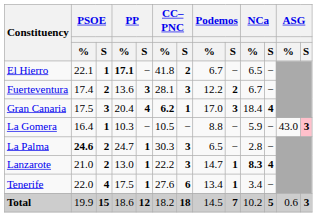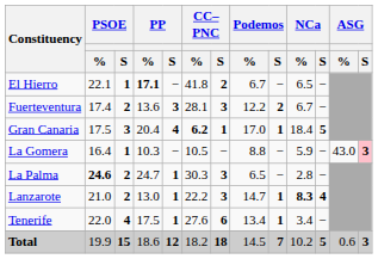 <table class="wikitable sortable" style="text-align:right; line-height:20px;">
 <tr>
 <th rowspan="3">Constituency</th>
 <th colspan="2" width="30px" class="unsortable"><a href='#'>PSOE</a></th>
 <th colspan="2" width="30px" class="unsortable"><a href='#'>PP</a></th>
 <th colspan="2" width="30px" class="unsortable"><a href='#'>CC–PNC</a></th>
 <th colspan="2" width="30px" class="unsortable"><a href='#'>Podemos</a></th>
 <th colspan="2" width="30px" class="unsortable"><a href='#'>NCa</a></th>
 <th colspan="2" width="30px" class="unsortable"><a href='#'>ASG</a></th>
 </tr>
 <tr>
 <th colspan="2" style="background:"></th>
 <th colspan="2" style="background:"></th>
 <th colspan="2" style="background:"></th>
 <th colspan="2" style="background:"></th>
 <th colspan="2" style="background:"></th>
 <th colspan="2" style="background:"></th>
 </tr>
 <tr>
 <th data-sort-type="number">%</th>
 <th data-sort-type="number">S</th>
 <th data-sort-type="number">%</th>
 <th data-sort-type="number">S</th>
 <th data-sort-type="number">%</th>
 <th data-sort-type="number">S</th>
 <th data-sort-type="number">%</th>
 <th data-sort-type="number">S</th>
 <th data-sort-type="number">%</th>
 <th data-sort-type="number">S</th>
 <th data-sort-type="number">%</th>
 <th data-sort-type="number">S</th>
 </tr>
 <tr>
 <td align="left"><a href='#'>El Hierro</a></td>
 <td>22.1</td>
 <td><strong>1</strong></td>
 <td><strong>17.1</strong></td>
 <td>−</td>
 <td style="background:">41.8</td>
 <td><strong>2</strong></td>
 <td>6.7</td>
 <td>−</td>
 <td>6.5</td>
 <td>−</td>
 <td colspan="2" rowspan="3" bgcolor="#AAAAAA"></td>
 </tr>
 <tr>
 <td align="left"><a href='#'>Fuerteventura</a></td>
 <td>17.4</td>
 <td><strong>2</strong></td>
 <td>13.6</td>
 <td><strong>3</strong></td>
 <td style="background:">28.1</td>
 <td><strong>3</strong></td>
 <td>12.2</td>
 <td><strong>2</strong></td>
 <td>6.7</td>
 <td>−</td>
 </tr>
 <tr>
 <td align="left"><a href='#'>Gran Canaria</a></td>
 <td>17.5</td>
 <td><strong>3</strong></td>
 <td style="background:">20.4</td>
 <td><strong>4</strong></td>
 <td><strong>6.2</strong></td>
 <td><strong>1</strong></td>
 <td>17.0</td>
-<td><strong>3</strong></td>
+<td><strong>1</strong></td>
 <td>18.4</td>
-<td><strong>4</strong></td>
+<td><strong>5</strong></td>
 </tr>
 <tr>
 <td align="left"><a href='#'>La Gomera</a></td>
 <td>16.4</td>
 <td><strong>1</strong></td>
 <td>10.3</td>
 <td>−</td>
 <td>10.5</td>
 <td>−</td>
 <td>8.8</td>
 <td>−</td>
 <td>5.9</td>
 <td>−</td>
 <td style="background:">43.0</td>
 <td style="background: pink;"><strong>3</strong></td>
 </tr>
 <tr>
 <td align="left"><a href='#'>La Palma</a></td>
 <td><strong>24.6</strong></td>
 <td><strong>2</strong></td>
 <td>24.7</td>
 <td><strong>1</strong></td>
 <td style="background:">30.3</td>
 <td><strong>3</strong></td>
 <td>6.5</td>
 <td>−</td>
 <td>2.8</td>
 <td>−</td>
 <td colspan="2" rowspan="3" bgcolor="#AAAAAA"></td>
 </tr>
 <tr>
 <td align="left"><a href='#'>Lanzarote</a></td>
 <td>21.0</td>
 <td><strong>2</strong></td>
 <td>13.0</td>
 <td><strong>1</strong></td>
 <td style="background:">22.2</td>
 <td><strong>3</strong></td>
 <td>14.7</td>
 <td><strong>1</strong></td>
 <td><strong>8.3</strong></td>
 <td><strong>4</strong></td>
 </tr>
 <tr>
 <td align="left"><a href='#'>Tenerife</a></td>
 <td>22.0</td>
 <td><strong>4</strong></td>
 <td>17.5</td>
 <td><strong>1</strong></td>
 <td style="background:">27.6</td>
 <td><strong>6</strong></td>
 <td>13.4</td>
 <td><strong>1</strong></td>
 <td>3.4</td>
 <td>−</td>
 </tr>
 <tr style="background:#CDCDCD;">
 <td align="left"><strong>Total</strong></td>
 <td style="background:">19.9</td>
 <td><strong>15</strong></td>
 <td>18.6</td>
 <td><strong>12</strong></td>
 <td>18.2</td>
 <td><strong>18</strong></td>
 <td>14.5</td>
 <td><strong>7</strong></td>
 <td>10.2</td>
 <td><strong>5</strong></td>
 <td>0.6</td>
 <td><strong>3</strong></td>
 </tr>
 </table>
